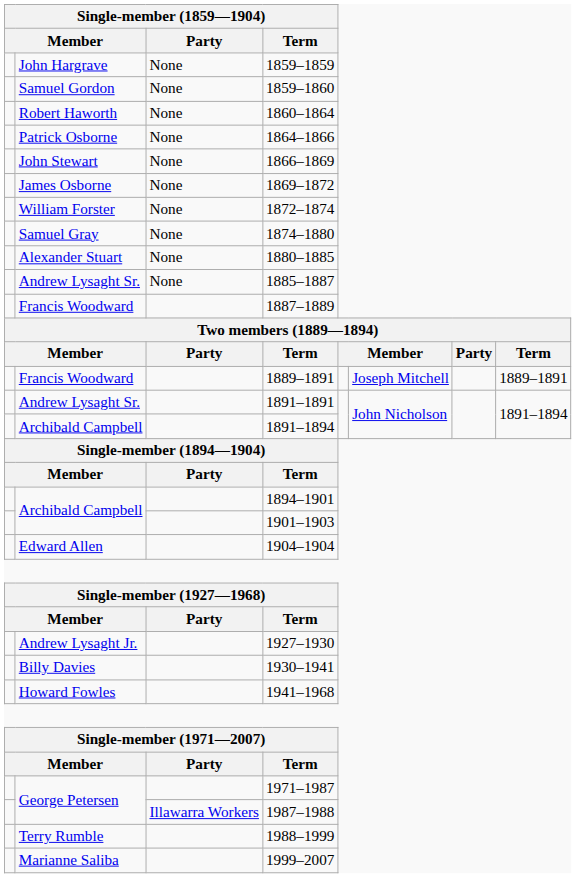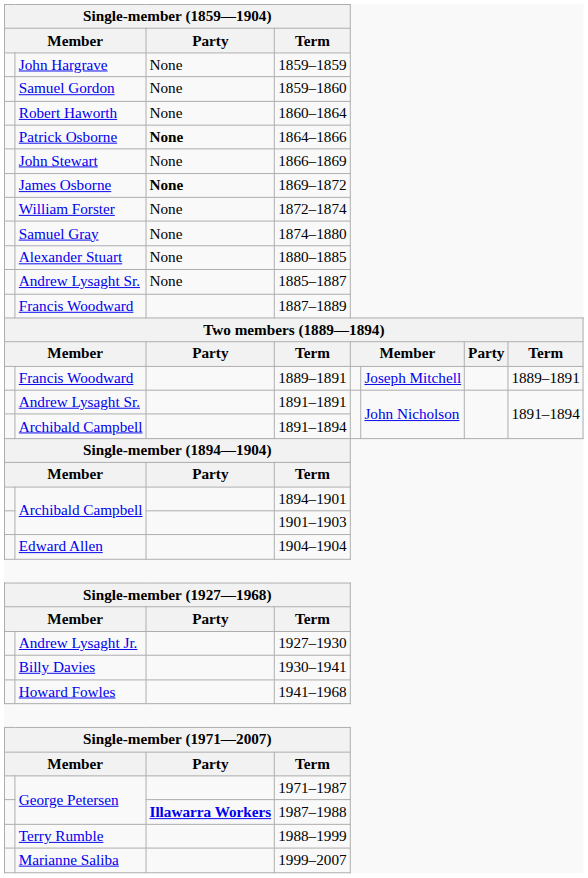 <table class="wikitable" style='border-style: none none none none;'>
 <tr>
 <th colspan="4">Single-member (1859—1904)</th>
 </tr>
 <tr>
 <th colspan="2">Member</th>
 <th>Party</th>
 <th>Term</th>
 </tr>
 <tr style="background: #f9f9f9">
 <td> </td>
 <td><a href='#'>John Hargrave</a></td>
 <td>None</td>
 <td>1859–1859</td>
 </tr>
 <tr style="background: #f9f9f9">
 <td> </td>
 <td><a href='#'>Samuel Gordon</a></td>
 <td>None</td>
 <td>1859–1860</td>
 </tr>
 <tr style="background: #f9f9f9">
 <td> </td>
 <td><a href='#'>Robert Haworth</a></td>
 <td>None</td>
 <td>1860–1864</td>
 </tr>
 <tr style="background: #f9f9f9">
 <td> </td>
 <td><a href='#'>Patrick Osborne</a></td>
-<td>None</td>
+<td><strong>None</strong></td>
 <td>1864–1866</td>
 </tr>
 <tr style="background: #f9f9f9">
 <td> </td>
 <td><a href='#'>John Stewart</a></td>
 <td>None</td>
 <td>1866–1869</td>
 </tr>
 <tr style="background: #f9f9f9">
 <td> </td>
 <td><a href='#'>James Osborne</a></td>
-<td>None</td>
+<td><strong>None</strong></td>
 <td>1869–1872</td>
 </tr>
 <tr style="background: #f9f9f9">
 <td> </td>
 <td><a href='#'>William Forster</a></td>
 <td>None</td>
 <td>1872–1874</td>
 </tr>
 <tr style="background: #f9f9f9">
 <td> </td>
 <td><a href='#'>Samuel Gray</a></td>
 <td>None</td>
 <td>1874–1880</td>
 </tr>
 <tr style="background: #f9f9f9">
 <td> </td>
 <td><a href='#'>Alexander Stuart</a></td>
 <td>None</td>
 <td>1880–1885</td>
 </tr>
 <tr style="background: #f9f9f9">
 <td> </td>
 <td><a href='#'>Andrew Lysaght Sr.</a></td>
 <td>None</td>
 <td>1885–1887</td>
 </tr>
 <tr style="background: #f9f9f9">
 <td> </td>
 <td><a href='#'>Francis Woodward</a></td>
 <td></td>
 <td>1887–1889</td>
 </tr>
 <tr>
 <th colspan="8">Two members (1889—1894)</th>
 </tr>
 <tr>
 <th colspan="2">Member</th>
 <th>Party</th>
 <th>Term</th>
 <th colspan="2">Member</th>
 <th>Party</th>
 <th>Term</th>
 </tr>
 <tr style="background: #f9f9f9">
 <td> </td>
 <td><a href='#'>Francis Woodward</a></td>
 <td></td>
 <td>1889–1891</td>
 <td> </td>
 <td><a href='#'>Joseph Mitchell</a></td>
 <td></td>
 <td>1889–1891</td>
 </tr>
 <tr style="background: #f9f9f9">
 <td> </td>
 <td><a href='#'>Andrew Lysaght Sr.</a></td>
 <td></td>
 <td>1891–1891</td>
 <td rowspan="2" > </td>
 <td rowspan="2"><a href='#'>John Nicholson</a></td>
 <td rowspan="2"></td>
 <td rowspan="2">1891–1894</td>
 </tr>
 <tr style="background: #f9f9f9">
 <td> </td>
 <td><a href='#'>Archibald Campbell</a></td>
 <td></td>
 <td>1891–1894</td>
 </tr>
 <tr>
 <th colspan="4">Single-member (1894—1904)</th>
 </tr>
 <tr>
 <th colspan="2">Member</th>
 <th>Party</th>
 <th>Term</th>
 </tr>
 <tr style="background: #f9f9f9">
 <td> </td>
 <td rowspan="2"><a href='#'>Archibald Campbell</a></td>
 <td></td>
 <td>1894–1901</td>
 </tr>
 <tr style="background: #f9f9f9">
 <td> </td>
 <td></td>
 <td>1901–1903</td>
 </tr>
 <tr style="background: #f9f9f9">
 <td> </td>
 <td><a href='#'>Edward Allen</a></td>
 <td></td>
 <td>1904–1904</td>
 </tr>
 <tr>
 <td colspan="4" style='border-style: none none none none;'> </td>
 </tr>
 <tr>
 <th colspan="4">Single-member (1927—1968)</th>
 </tr>
 <tr>
 <th colspan="2">Member</th>
 <th>Party</th>
 <th>Term</th>
 </tr>
 <tr style="background: #f9f9f9">
 <td> </td>
 <td><a href='#'>Andrew Lysaght Jr.</a></td>
 <td></td>
 <td>1927–1930</td>
 </tr>
 <tr style="background: #f9f9f9">
 <td> </td>
 <td><a href='#'>Billy Davies</a></td>
 <td></td>
 <td>1930–1941</td>
 </tr>
 <tr style="background: #f9f9f9">
 <td> </td>
 <td><a href='#'>Howard Fowles</a></td>
 <td></td>
 <td>1941–1968</td>
 </tr>
 <tr>
 <td colspan="4" style='border-style: none none none none;'> </td>
 </tr>
 <tr>
 <th colspan="4">Single-member (1971—2007)</th>
 </tr>
 <tr>
 <th colspan="2">Member</th>
 <th>Party</th>
 <th>Term</th>
 </tr>
 <tr style="background: #f9f9f9">
 <td> </td>
 <td rowspan="2"><a href='#'>George Petersen</a></td>
 <td></td>
 <td>1971–1987</td>
 </tr>
 <tr style="background: #f9f9f9">
 <td> </td>
-<td><a href='#'>Illawarra Workers</a></td>
+<td><strong><a href='#'>Illawarra Workers</a></strong></td>
 <td>1987–1988</td>
 </tr>
 <tr style="background: #f9f9f9">
 <td> </td>
 <td><a href='#'>Terry Rumble</a></td>
 <td></td>
 <td>1988–1999</td>
 </tr>
 <tr style="background: #f9f9f9">
 <td> </td>
 <td><a href='#'>Marianne Saliba</a></td>
 <td></td>
 <td>1999–2007</td>
 </tr>
 </table>
